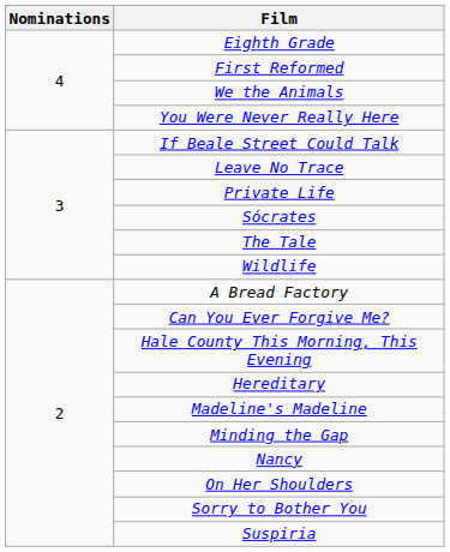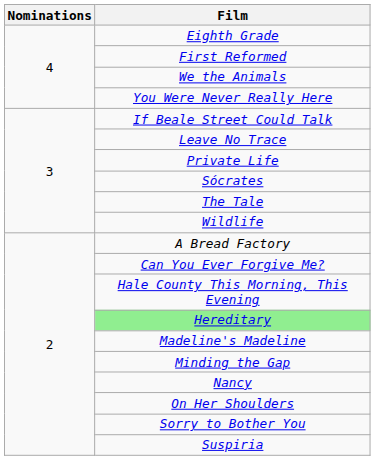 <table class="wikitable" rowspan=2 border=2 style="text-align:center;">
 <tr>
 <th scope="col" width="50">Nominations</th>
 <th scope="col" width="275">Film</th>
 </tr>
 <tr>
 <td rowspan=4 style="text-align:center;">4</td>
 <td><em><a href='#'>Eighth Grade</a></em></td>
 </tr>
 <tr>
 <td><em><a href='#'>First Reformed</a></em></td>
 </tr>
 <tr>
 <td><em><a href='#'>We the Animals</a></em></td>
 </tr>
 <tr>
 <td><em><a href='#'>You Were Never Really Here</a></em></td>
 </tr>
 <tr>
 <td rowspan=6 style="text-align:center;">3</td>
 <td><em><a href='#'>If Beale Street Could Talk</a></em></td>
 </tr>
 <tr>
 <td><em><a href='#'>Leave No Trace</a></em></td>
 </tr>
 <tr>
 <td><em><a href='#'>Private Life</a></em></td>
 </tr>
 <tr>
 <td><em><a href='#'>Sócrates</a></em></td>
 </tr>
 <tr>
 <td><em><a href='#'>The Tale</a></em></td>
 </tr>
 <tr>
 <td><em><a href='#'>Wildlife</a></em></td>
 </tr>
 <tr>
 <td rowspan=10 style="text-align:center;">2</td>
 <td><em>A Bread Factory</em></td>
 </tr>
 <tr>
 <td><em><a href='#'>Can You Ever Forgive Me?</a></em></td>
 </tr>
 <tr>
 <td><em><a href='#'>Hale County This Morning, This Evening</a></em></td>
 </tr>
 <tr>
-<td><em><a href='#'>Hereditary</a></em></td>
+<td style="background: lightgreen;"><em><a href='#'>Hereditary</a></em></td>
 </tr>
 <tr>
 <td><em><a href='#'>Madeline's Madeline</a></em></td>
 </tr>
 <tr>
 <td><em><a href='#'>Minding the Gap</a></em></td>
 </tr>
 <tr>
 <td><em><a href='#'>Nancy</a></em></td>
 </tr>
 <tr>
 <td><em><a href='#'>On Her Shoulders</a></em></td>
 </tr>
 <tr>
 <td><em><a href='#'>Sorry to Bother You</a></em></td>
 </tr>
 <tr>
 <td><em><a href='#'>Suspiria</a></em></td>
 </tr>
 </table>
